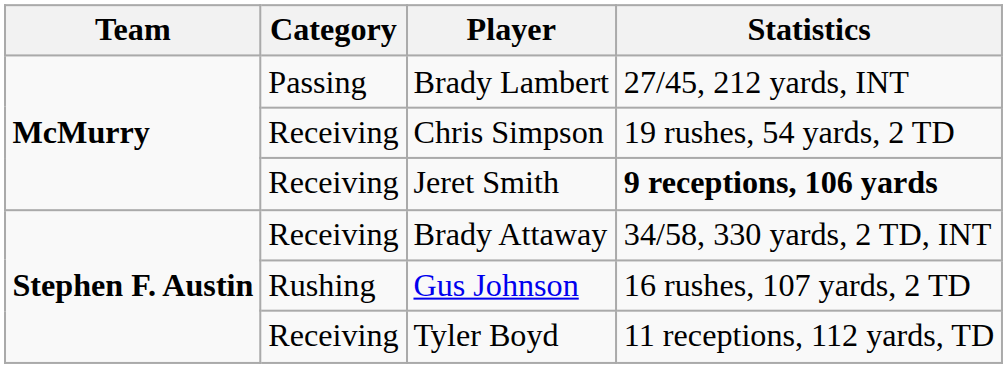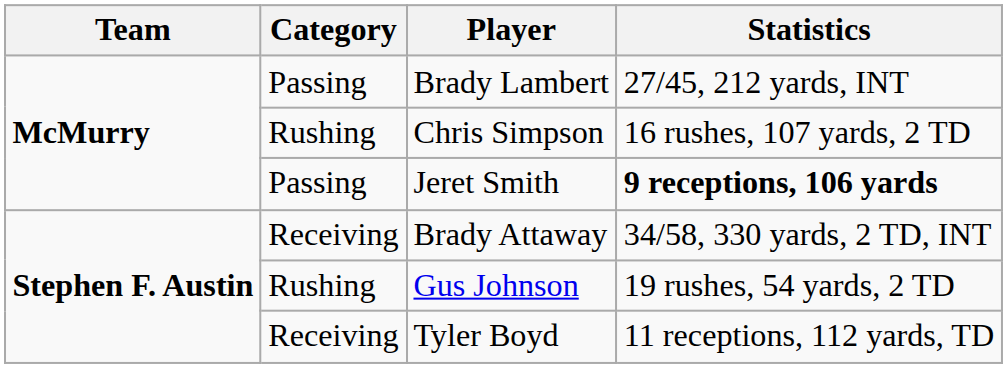 <table class="wikitable" style="float: left;">
 <tr>
 <th>Team</th>
 <th>Category</th>
 <th>Player</th>
 <th>Statistics</th>
 </tr>
 <tr>
 <td rowspan=3><strong>McMurry</strong></td>
 <td>Passing</td>
 <td>Brady Lambert</td>
 <td>27/45, 212 yards, INT</td>
 </tr>
 <tr>
-<td>Receiving</td>
+<td>Rushing</td>
 <td>Chris Simpson</td>
-<td>19 rushes, 54 yards, 2 TD</td>
+<td>16 rushes, 107 yards, 2 TD</td>
 </tr>
 <tr>
-<td>Receiving</td>
+<td>Passing</td>
 <td>Jeret Smith</td>
 <td><strong>9 receptions, 106 yards</strong></td>
 </tr>
 <tr>
 <td rowspan=3><strong>Stephen F. Austin</strong></td>
 <td>Receiving</td>
 <td>Brady Attaway</td>
 <td>34/58, 330 yards, 2 TD, INT</td>
 </tr>
 <tr>
 <td>Rushing</td>
 <td><a href='#'>Gus Johnson</a></td>
-<td>16 rushes, 107 yards, 2 TD</td>
+<td>19 rushes, 54 yards, 2 TD</td>
 </tr>
 <tr>
 <td>Receiving</td>
 <td>Tyler Boyd</td>
 <td>11 receptions, 112 yards, TD</td>
 </tr>
 </table>
